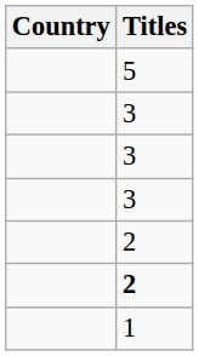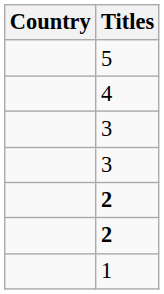 <table class="wikitable ">
 <tr>
 <th>Country</th>
 <th>Titles</th>
 </tr>
 <tr>
 <td></td>
 <td>5</td>
 </tr>
 <tr>
 <td></td>
-<td>3</td>
+<td>4</td>
 </tr>
 <tr>
 <td></td>
 <td>3</td>
 </tr>
 <tr>
 <td></td>
 <td>3</td>
 </tr>
 <tr>
 <td></td>
-<td>2</td>
+<td><strong>2</strong></td>
 </tr>
 <tr>
 <td></td>
 <td><strong>2</strong></td>
 </tr>
 <tr>
 <td></td>
 <td>1</td>
 </tr>
 </table>
